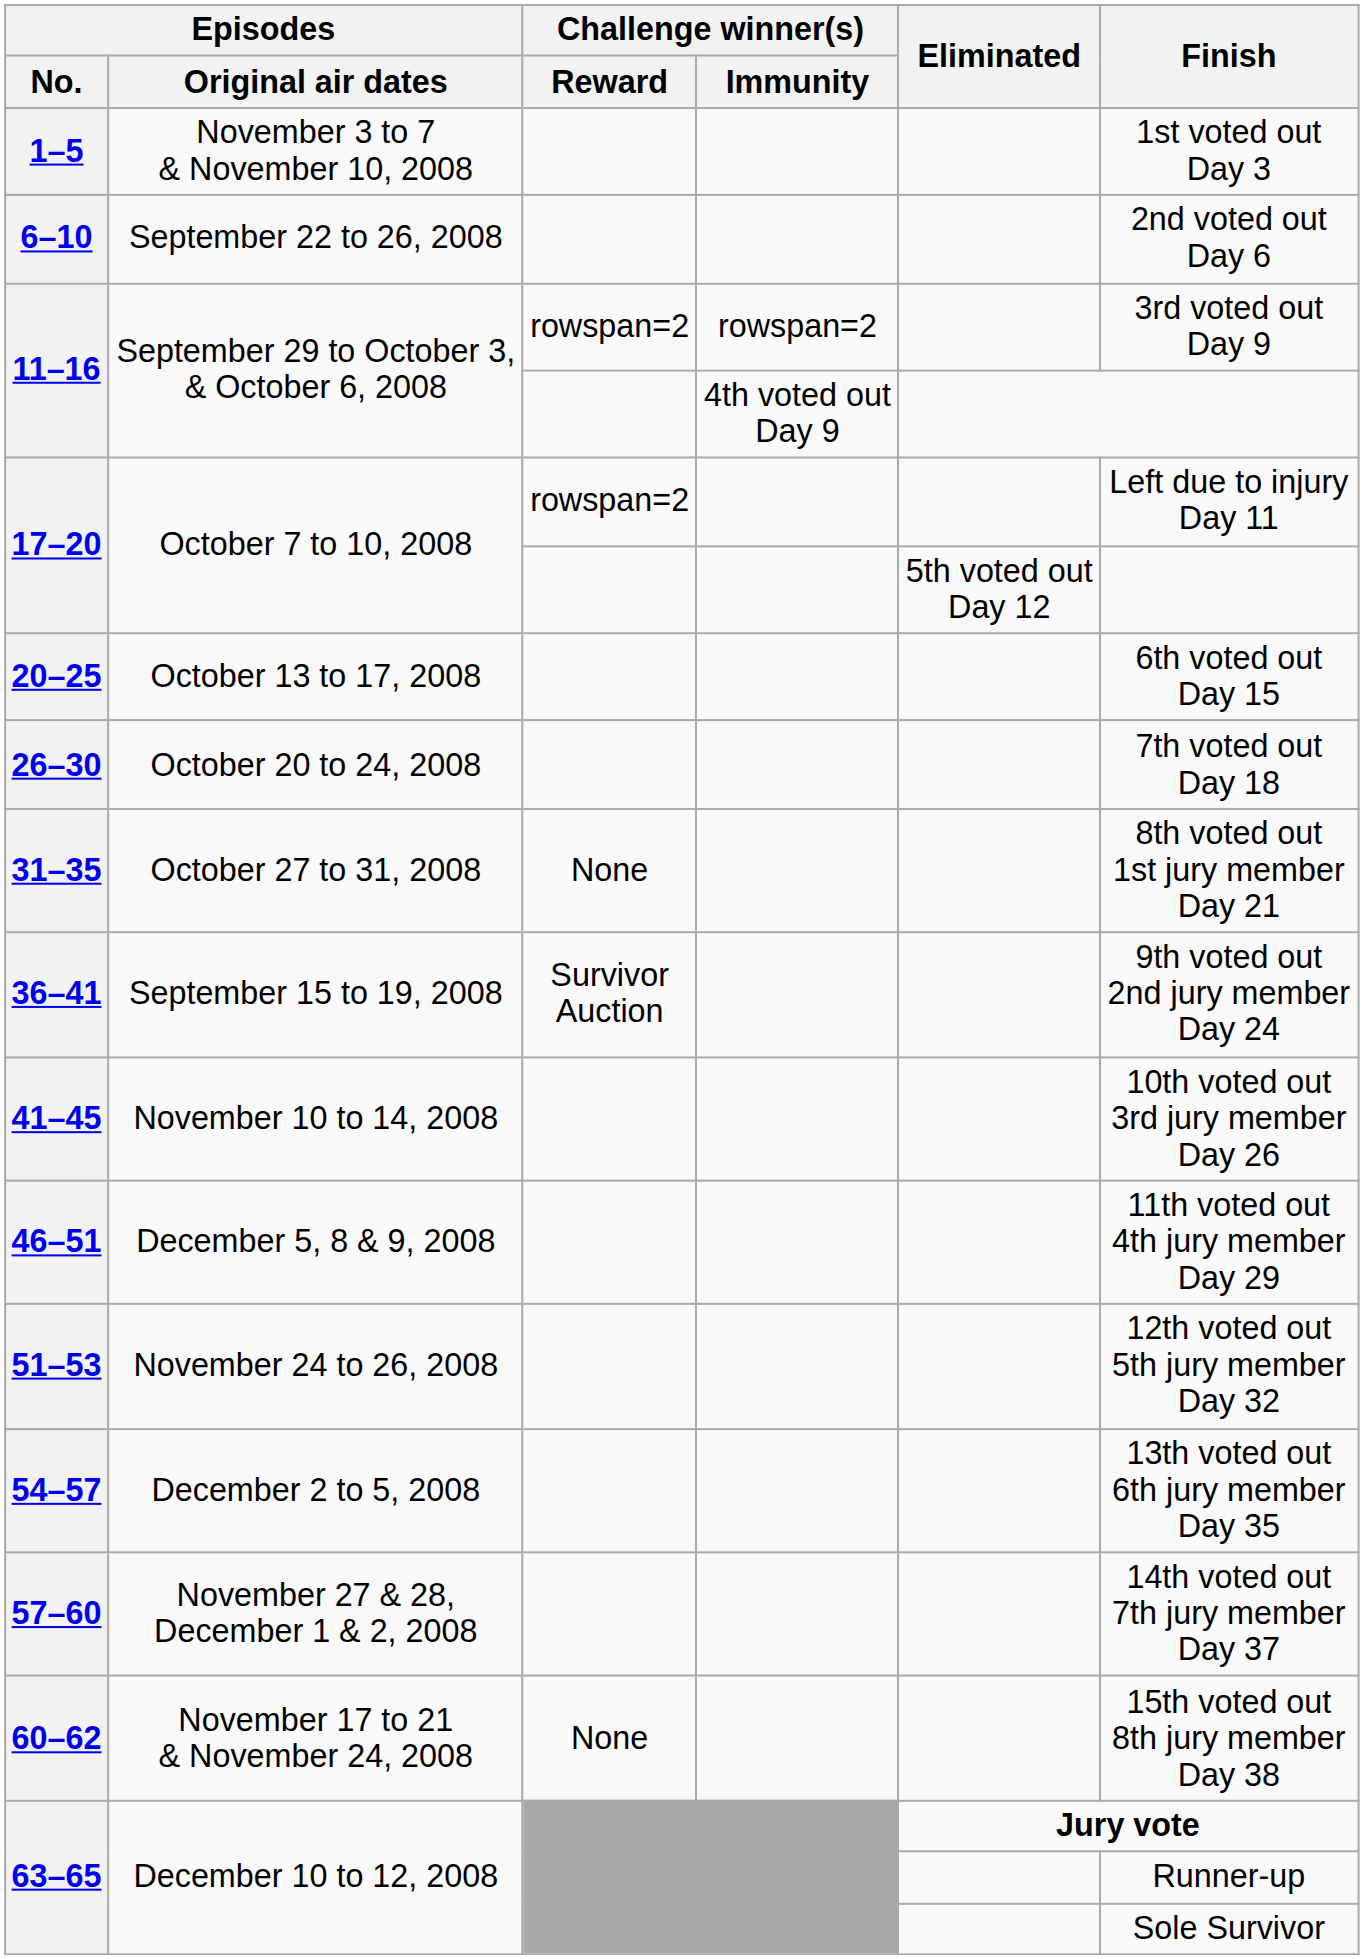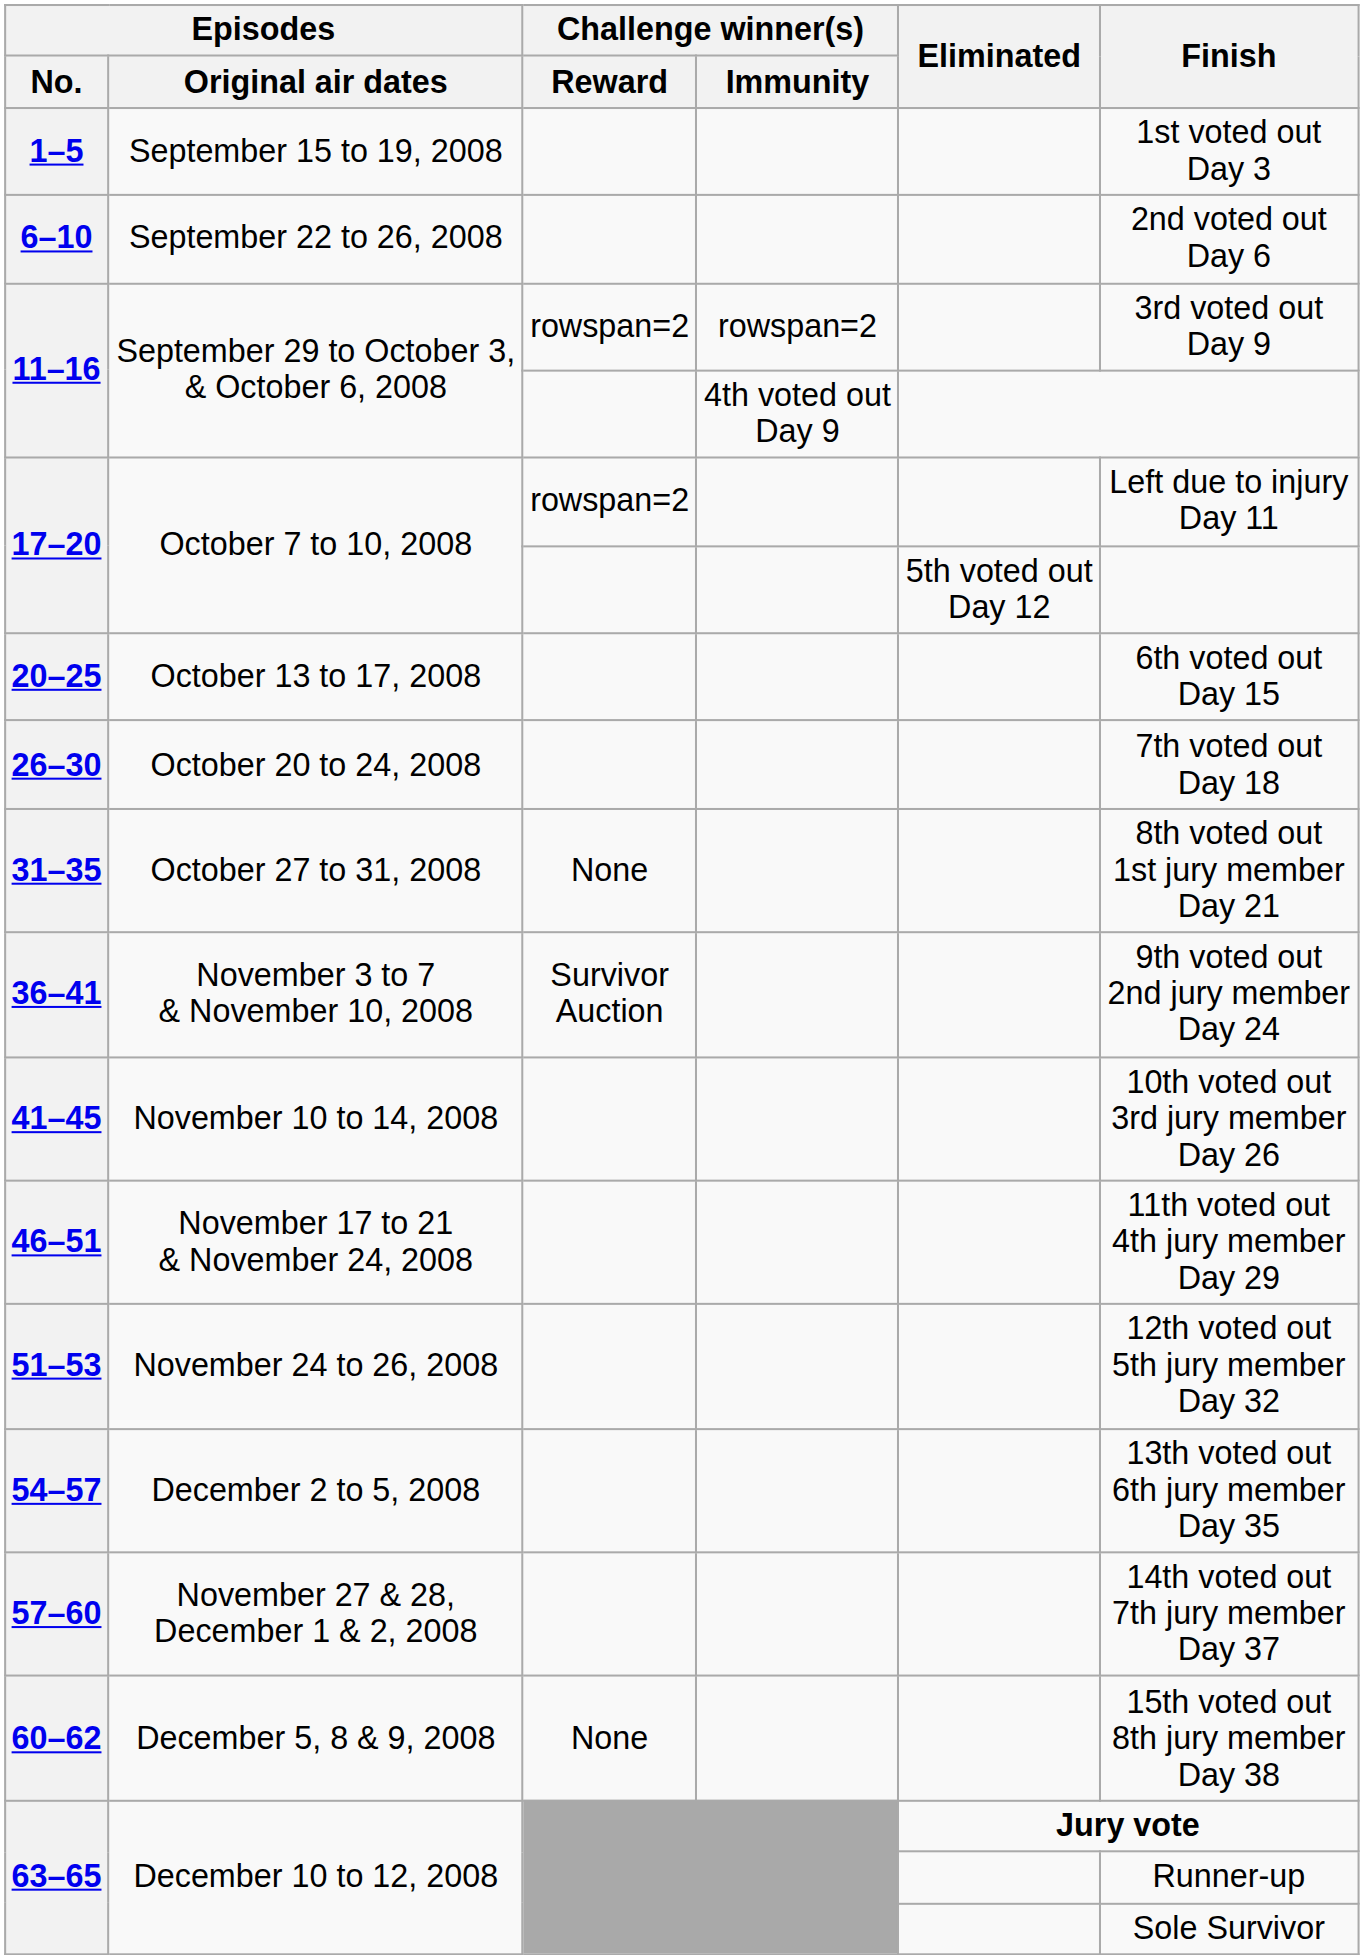 <table class="wikitable nowrap" style="margin:auto; text-align:center">
 <tr>
 <th colspan="2">Episodes</th>
 <th colspan="2">Challenge winner(s)</th>
 <th rowspan="2">Eliminated</th>
 <th rowspan="2">Finish</th>
 </tr>
 <tr>
 <th>No.</th>
 <th>Original air dates</th>
 <th>Reward</th>
 <th>Immunity</th>
 </tr>
 <tr>
 <th><a href='#'>1–5</a></th>
-<td>November 3 to 7 <br>& November 10, 2008</td>
+<td>September 15 to 19, 2008</td>
 <td></td>
 <td></td>
 <td></td>
 <td>1st voted out<br>Day 3</td>
 </tr>
 <tr>
 <th><a href='#'>6–10</a></th>
 <td>September 22 to 26, 2008</td>
 <td></td>
 <td></td>
 <td></td>
 <td>2nd voted out<br>Day 6</td>
 </tr>
 <tr>
 <th rowspan="2"><a href='#'>11–16</a></th>
 <td rowspan=2>September 29 to October 3,<br> & October 6, 2008</td>
 <td>rowspan=2 </td>
 <td>rowspan=2 </td>
 <td></td>
 <td>3rd voted out<br>Day 9</td>
 </tr>
 <tr>
 <td></td>
 <td>4th voted out<br>Day 9</td>
 </tr>
 <tr>
 <th rowspan=2><a href='#'>17–20</a></th>
 <td rowspan=2>October 7 to 10, 2008</td>
 <td>rowspan=2 </td>
 <td></td>
 <td></td>
 <td>Left due to injury<br>Day 11</td>
 </tr>
 <tr>
 <td></td>
 <td></td>
 <td>5th voted out<br>Day 12</td>
 </tr>
 <tr>
 <th><a href='#'>20–25</a></th>
 <td>October 13 to 17, 2008</td>
 <td></td>
 <td></td>
 <td></td>
 <td>6th voted out<br>Day 15</td>
 </tr>
 <tr>
 <th><a href='#'>26–30</a></th>
 <td>October 20 to 24, 2008</td>
 <td></td>
 <td></td>
 <td></td>
 <td>7th voted out<br>Day 18</td>
 </tr>
 <tr>
 <th><a href='#'>31–35</a></th>
 <td>October 27 to 31, 2008</td>
 <td>None</td>
 <td></td>
 <td></td>
 <td>8th voted out<br>1st jury member<br>Day 21</td>
 </tr>
 <tr>
 <th><a href='#'>36–41</a></th>
-<td>September 15 to 19, 2008</td>
+<td>November 3 to 7 <br>& November 10, 2008</td>
 <td>Survivor<br>Auction</td>
 <td></td>
 <td></td>
 <td>9th voted out<br>2nd jury member<br>Day 24</td>
 </tr>
 <tr>
 <th><a href='#'>41–45</a></th>
 <td>November 10 to 14, 2008</td>
 <td></td>
 <td></td>
 <td></td>
 <td>10th voted out<br>3rd jury member<br>Day 26</td>
 </tr>
 <tr>
 <th><a href='#'>46–51</a></th>
-<td>December 5, 8 & 9, 2008</td>
+<td>November 17 to 21<br>& November 24, 2008</td>
 <td></td>
 <td></td>
 <td></td>
 <td>11th voted out<br>4th jury member<br>Day 29</td>
 </tr>
 <tr>
 <th><a href='#'>51–53</a></th>
 <td>November 24 to 26, 2008</td>
 <td></td>
 <td></td>
 <td></td>
 <td>12th voted out<br>5th jury member<br>Day 32</td>
 </tr>
 <tr>
 <th><a href='#'>54–57</a></th>
 <td>December 2 to 5, 2008</td>
 <td></td>
 <td></td>
 <td></td>
 <td>13th voted out<br>6th jury member<br>Day 35</td>
 </tr>
 <tr>
 <th><a href='#'>57–60</a></th>
 <td>November 27 & 28,<br>December 1 & 2, 2008</td>
 <td></td>
 <td></td>
 <td></td>
 <td>14th voted out<br>7th jury member<br>Day 37</td>
 </tr>
 <tr>
 <th><a href='#'>60–62</a></th>
-<td>November 17 to 21<br>& November 24, 2008</td>
+<td>December 5, 8 & 9, 2008</td>
 <td>None</td>
 <td></td>
 <td></td>
 <td>15th voted out<br>8th jury member<br>Day 38</td>
 </tr>
 <tr>
 <th rowspan="3"><a href='#'>63–65</a></th>
 <td rowspan="3">December 10 to 12, 2008</td>
 <td colspan=2 rowspan=3 bgcolor="darkgray"></td>
 <td colspan=2><strong>Jury vote</strong></td>
 </tr>
 <tr>
 <td></td>
 <td>Runner-up</td>
 </tr>
 <tr>
 <td></td>
 <td>Sole Survivor</td>
 </tr>
 </table>
